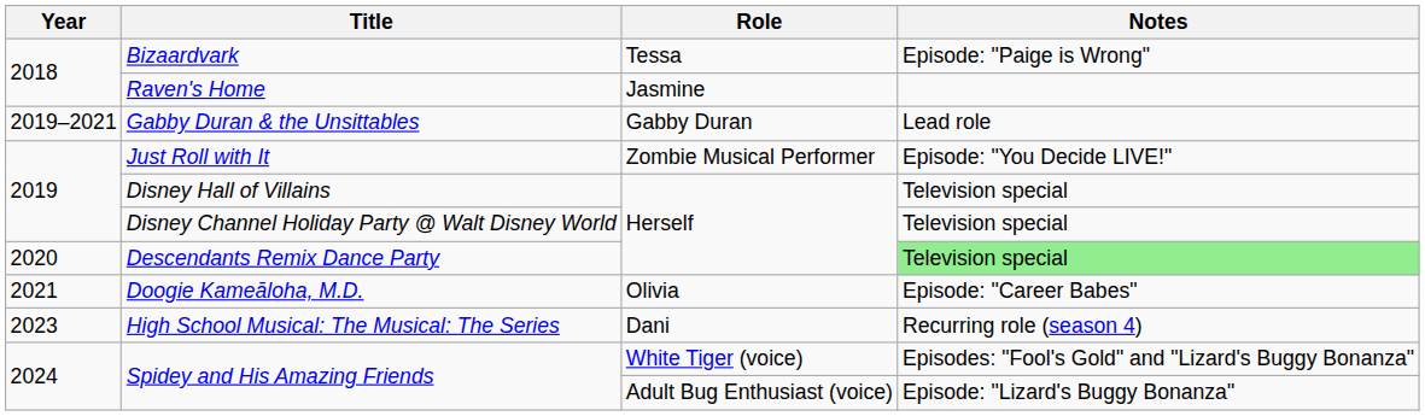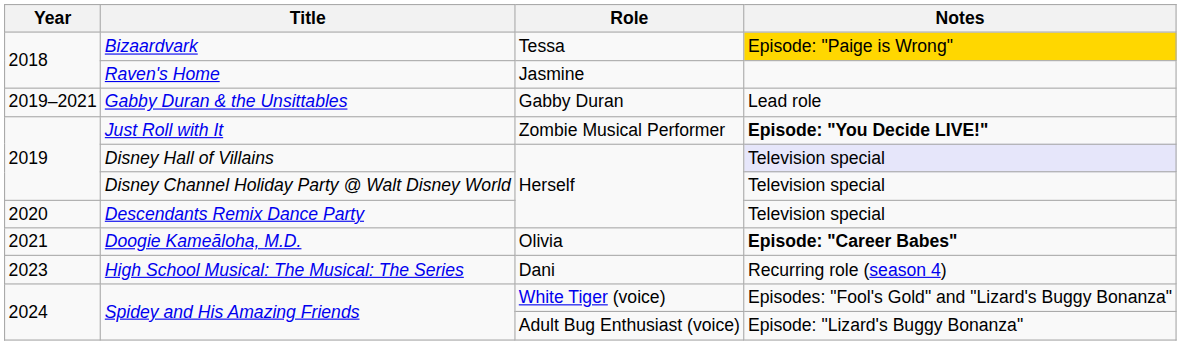 <table class="wikitable sortable">
 <tr>
 <th>Year</th>
 <th>Title</th>
 <th>Role</th>
 <th>Notes</th>
 </tr>
 <tr>
 <td rowspan="2">2018</td>
 <td><em><a href='#'>Bizaardvark</a></em></td>
 <td>Tessa</td>
-<td>Episode: "Paige is Wrong"</td>
+<td style="background: gold;">Episode: "Paige is Wrong"</td>
 </tr>
 <tr>
 <td><em><a href='#'>Raven's Home</a></em></td>
 <td>Jasmine</td>
 <td></td>
 </tr>
 <tr>
 <td>2019–2021</td>
 <td><em><a href='#'>Gabby Duran & the Unsittables</a></em></td>
 <td>Gabby Duran</td>
 <td>Lead role</td>
 </tr>
 <tr>
 <td rowspan="3">2019</td>
 <td><em><a href='#'>Just Roll with It</a></em></td>
 <td>Zombie Musical Performer</td>
-<td>Episode: "You Decide LIVE!"</td>
+<td><strong>Episode: "You Decide LIVE!"</strong></td>
 </tr>
 <tr>
 <td><em>Disney Hall of Villains</em></td>
 <td rowspan="3">Herself</td>
-<td>Television special</td>
+<td style="background: lavender;">Television special</td>
 </tr>
 <tr>
 <td><em>Disney Channel Holiday Party @ Walt Disney World</em></td>
 <td>Television special</td>
 </tr>
 <tr>
 <td>2020</td>
 <td><em><a href='#'>Descendants Remix Dance Party</a></em></td>
-<td style="background: lightgreen;">Television special</td>
+<td>Television special</td>
 </tr>
 <tr>
 <td>2021</td>
 <td><em><a href='#'>Doogie Kameāloha, M.D.</a></em></td>
 <td>Olivia</td>
-<td>Episode: "Career Babes"</td>
+<td><strong>Episode: "Career Babes"</strong></td>
 </tr>
 <tr>
 <td>2023</td>
 <td><em><a href='#'>High School Musical: The Musical: The Series</a></em></td>
 <td>Dani</td>
 <td>Recurring role (<a href='#'>season 4</a>)</td>
 </tr>
 <tr>
 <td rowspan="2">2024</td>
 <td rowspan="2"><em><a href='#'>Spidey and His Amazing Friends</a></em></td>
 <td><a href='#'>White Tiger</a> (voice)</td>
 <td>Episodes: "Fool's Gold" and "Lizard's Buggy Bonanza"</td>
 </tr>
 <tr>
 <td>Adult Bug Enthusiast (voice)</td>
 <td>Episode: "Lizard's Buggy Bonanza"</td>
 </tr>
 </table>
